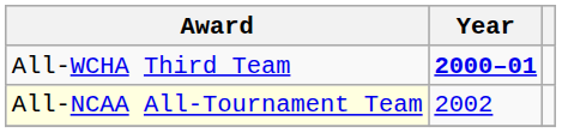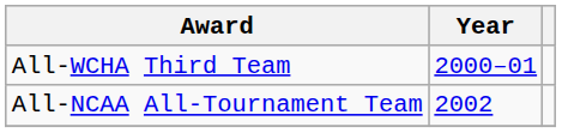 <table class="wikitable">
 <tr>
 <th>Award</th>
 <th>Year</th>
 <th></th>
 </tr>
 <tr>
 <td>All-<a href='#'>WCHA</a> <a href='#'>Third Team</a></td>
-<td><strong><a href='#'>2000–01</a></strong></td>
+<td><a href='#'>2000–01</a></td>
 <td></td>
 </tr>
 <tr>
-<td style="background: lightyellow;">All-<a href='#'>NCAA</a> <a href='#'>All-Tournament Team</a></td>
+<td>All-<a href='#'>NCAA</a> <a href='#'>All-Tournament Team</a></td>
 <td><a href='#'>2002</a></td>
 <td></td>
 </tr>
 <tr>
 </tr>
 </table>
